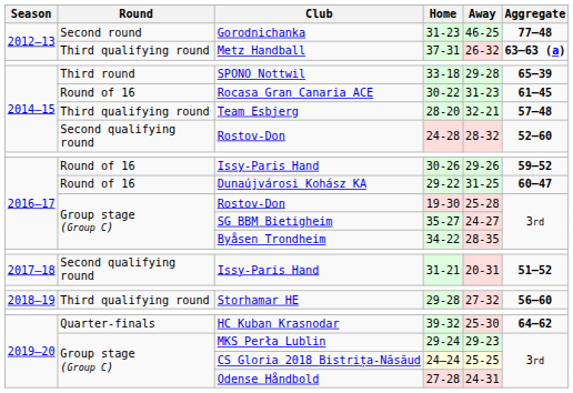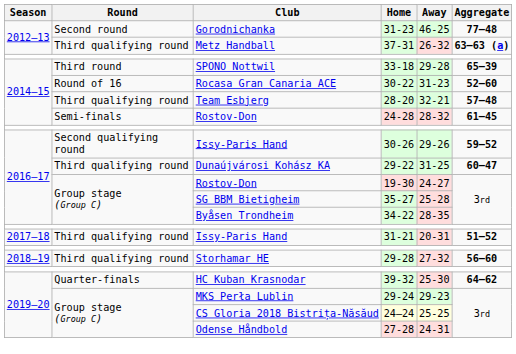 <table class="wikitable">
 <tr>
 <th>Season</th>
 <th width=175>Round</th>
 <th>Club</th>
 <th>Home</th>
 <th>Away</th>
 <th>Aggregate</th>
 </tr>
 <tr>
 <td rowspan=2><a href='#'>2012–13</a></td>
 <td>Second round</td>
 <td> <a href='#'>Gorodnichanka</a></td>
 <td style="text-align:center; background:#dfd;">31-23</td>
 <td style="text-align:center; background:#dfd;">46-25</td>
 <td style="text-align:center;"><strong>77–48</strong></td>
 </tr>
 <tr>
 <td>Third qualifying round</td>
 <td> <a href='#'>Metz Handball</a></td>
 <td style="text-align:center; background:#dfd;">37-31</td>
 <td style="text-align:center; background:#fdd;">26-32</td>
 <td style="text-align:center;"><strong>63–63 (<a href='#'>a</a>)</strong></td>
 </tr>
 <tr>
 <td colspan=7 style="text-align: center;" bgcolor=white></td>
 </tr>
 <tr>
 <td rowspan=4><a href='#'>2014–15</a></td>
 <td>Third round</td>
 <td> <a href='#'>SPONO Nottwil</a></td>
 <td style="text-align:center; background:#dfd;">33-18</td>
 <td style="text-align:center; background:#dfd;">29-28</td>
 <td style="text-align:center;"><strong>65–39</strong></td>
 </tr>
 <tr>
 <td>Round of 16</td>
 <td> <a href='#'>Rocasa Gran Canaria ACE</a></td>
 <td style="text-align:center; background:#dfd;">30-22</td>
 <td style="text-align:center; background:#dfd;">31-23</td>
-<td style="text-align:center;"><strong>61–45</strong></td>
+<td style="text-align:center;"><strong>52–60</strong></td>
 </tr>
 <tr>
 <td>Third qualifying round</td>
 <td> <a href='#'>Team Esbjerg</a></td>
 <td style="text-align:center; background:#dfd;">28-20</td>
 <td style="text-align:center; background:#dfd;">32-21</td>
 <td style="text-align:center;"><strong>57–48</strong></td>
 </tr>
 <tr>
-<td>Second qualifying round</td>
+<td>Semi-finals</td>
 <td> <a href='#'>Rostov-Don</a></td>
 <td style="text-align:center; background:#fdd;">24-28</td>
 <td style="text-align:center; background:#fdd;">28-32</td>
-<td style="text-align:center;"><strong>52–60</strong></td>
+<td style="text-align:center;"><strong>61–45</strong></td>
 </tr>
 <tr>
 <td colspan=7 style="text-align: center;" bgcolor=white></td>
 </tr>
 <tr>
 <td rowspan=5><a href='#'>2016–17</a></td>
-<td>Round of 16</td>
+<td>Second qualifying round</td>
 <td> <a href='#'>Issy-Paris Hand</a></td>
 <td style="text-align:center; background:#dfd;">30-26</td>
 <td style="text-align:center; background:#dfd;">29-26</td>
 <td style="text-align:center;"><strong>59–52</strong></td>
 </tr>
 <tr>
-<td>Round of 16</td>
+<td>Third qualifying round</td>
 <td> <a href='#'>Dunaújvárosi Kohász KA</a></td>
 <td style="text-align:center; background:#dfd;">29-22</td>
 <td style="text-align:center; background:#dfd;">31-25</td>
 <td style="text-align:center;"><strong>60–47</strong></td>
 </tr>
 <tr>
 <td rowspan=3>Group stage<br><em>(<small>Group C</small>)</em></td>
 <td> <a href='#'>Rostov-Don</a></td>
 <td style="text-align:center; background:#fdd;">19-30</td>
-<td style="text-align:center; background:#fdd;">25-28</td>
+<td style="text-align:center; background:#fdd;">24-27</td>
 <td align=center rowspan=3>3<small>rd</small></td>
 </tr>
 <tr>
 <td> <a href='#'>SG BBM Bietigheim</a></td>
 <td style="text-align:center; background:#dfd;">35-27</td>
-<td style="text-align:center; background:#fdd;">24-27</td>
+<td style="text-align:center; background:#fdd;">25-28</td>
 </tr>
 <tr>
 <td> <a href='#'>Byåsen Trondheim</a></td>
 <td style="text-align:center; background:#dfd;">34-22</td>
 <td style="text-align:center; background:#fdd;">28-35</td>
 </tr>
 <tr>
 <td colspan=7 style="text-align: center;" bgcolor=white></td>
 </tr>
 <tr>
 <td rowspan=1><a href='#'>2017–18</a></td>
-<td>Second qualifying round</td>
+<td>Third qualifying round</td>
 <td> <a href='#'>Issy-Paris Hand</a></td>
 <td style="text-align:center; background:#dfd;">31-21</td>
 <td style="text-align:center; background:#fdd;">20-31</td>
 <td style="text-align:center;"><strong>51–52</strong></td>
 </tr>
 <tr>
 <td colspan=7 style="text-align: center;" bgcolor=white></td>
 </tr>
 <tr>
 <td rowspan=1><a href='#'>2018–19</a></td>
 <td>Third qualifying round</td>
 <td> <a href='#'>Storhamar HE</a></td>
 <td style="text-align:center; background:#dfd;">29-28</td>
 <td style="text-align:center; background:#fdd;">27-32</td>
 <td style="text-align:center;"><strong>56–60</strong></td>
 </tr>
 <tr>
 <td colspan=7 style="text-align: center;" bgcolor=white></td>
 </tr>
 <tr>
 <td rowspan=4><a href='#'>2019–20</a></td>
 <td>Quarter-finals</td>
 <td> <a href='#'>HC Kuban Krasnodar</a></td>
 <td style="text-align:center; background:#dfd;">39-32</td>
 <td style="text-align:center; background:#fdd;">25-30</td>
 <td style="text-align:center;"><strong>64–62</strong></td>
 </tr>
 <tr>
 <td rowspan=3>Group stage<br><em>(<small>Group C</small>)</em></td>
 <td> <a href='#'>MKS Perła Lublin</a></td>
 <td style="text-align:center; background:#dfd;">29-24</td>
 <td style="text-align:center; background:#dfd;">29-23</td>
 <td align=center rowspan=3>3<small>rd</small></td>
 </tr>
 <tr>
 <td> <a href='#'>CS Gloria 2018 Bistrița-Năsăud</a></td>
 <td style="text-align:center; background:#ffd;">24–24</td>
 <td style="text-align:center; background:#ffd;">25-25</td>
 </tr>
 <tr>
 <td> <a href='#'>Odense Håndbold</a></td>
 <td style="text-align:center; background:#fdd;">27-28</td>
 <td style="text-align:center; background:#fdd;">24-31</td>
 </tr>
 </table>
